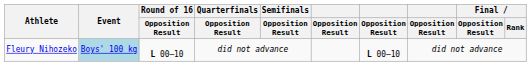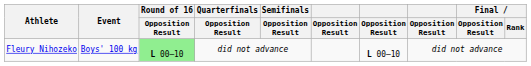 <table class="wikitable" style="font-size:90%">
 <tr>
 <th rowspan=2>Athlete</th>
 <th rowspan=2>Event</th>
 <th>Round of 16</th>
 <th>Quarterfinals</th>
 <th>Semifinals</th>
 <th></th>
 <th></th>
 <th></th>
 <th colspan=2>Final / </th>
 </tr>
 <tr style="font-size:95%">
 <th>Opposition<br>Result</th>
 <th>Opposition<br>Result</th>
 <th>Opposition<br>Result</th>
 <th>Opposition<br>Result</th>
 <th>Opposition<br>Result</th>
 <th>Opposition<br>Result</th>
 <th>Opposition<br>Result</th>
 <th>Rank</th>
 </tr>
 <tr align=center>
 <td><a href='#'>Fleury Nihozeko</a></td>
-<td style="background: lightblue;"><a href='#'>Boys' 100 kg</a></td>
-<td><br><strong>L</strong>  00–10</td>
+<td><a href='#'>Boys' 100 kg</a></td>
+<td style="background: lightgreen;"><br><strong>L</strong>  00–10</td>
 <td Colspan=2><em>did not advance</em></td>
 <td></td>
 <td><br><strong>L</strong>  00–10</td>
 <td Colspan=3><em>did not advance</em></td>
 </tr>
 </table>
